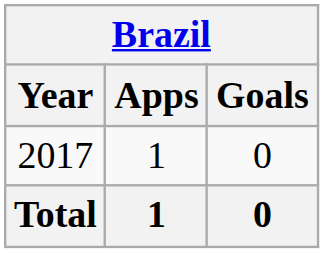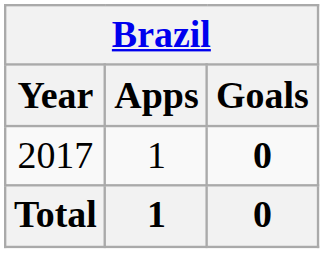 <table class="wikitable" style="text-align:center">
 <tr>
 <th colspan=3><a href='#'>Brazil</a></th>
 </tr>
 <tr>
 <th>Year</th>
 <th>Apps</th>
 <th>Goals</th>
 </tr>
 <tr>
 <td>2017</td>
 <td>1</td>
-<td>0</td>
+<td><strong>0</strong></td>
 </tr>
 <tr>
 <th>Total</th>
 <th>1</th>
 <th>0</th>
 </tr>
 </table>
